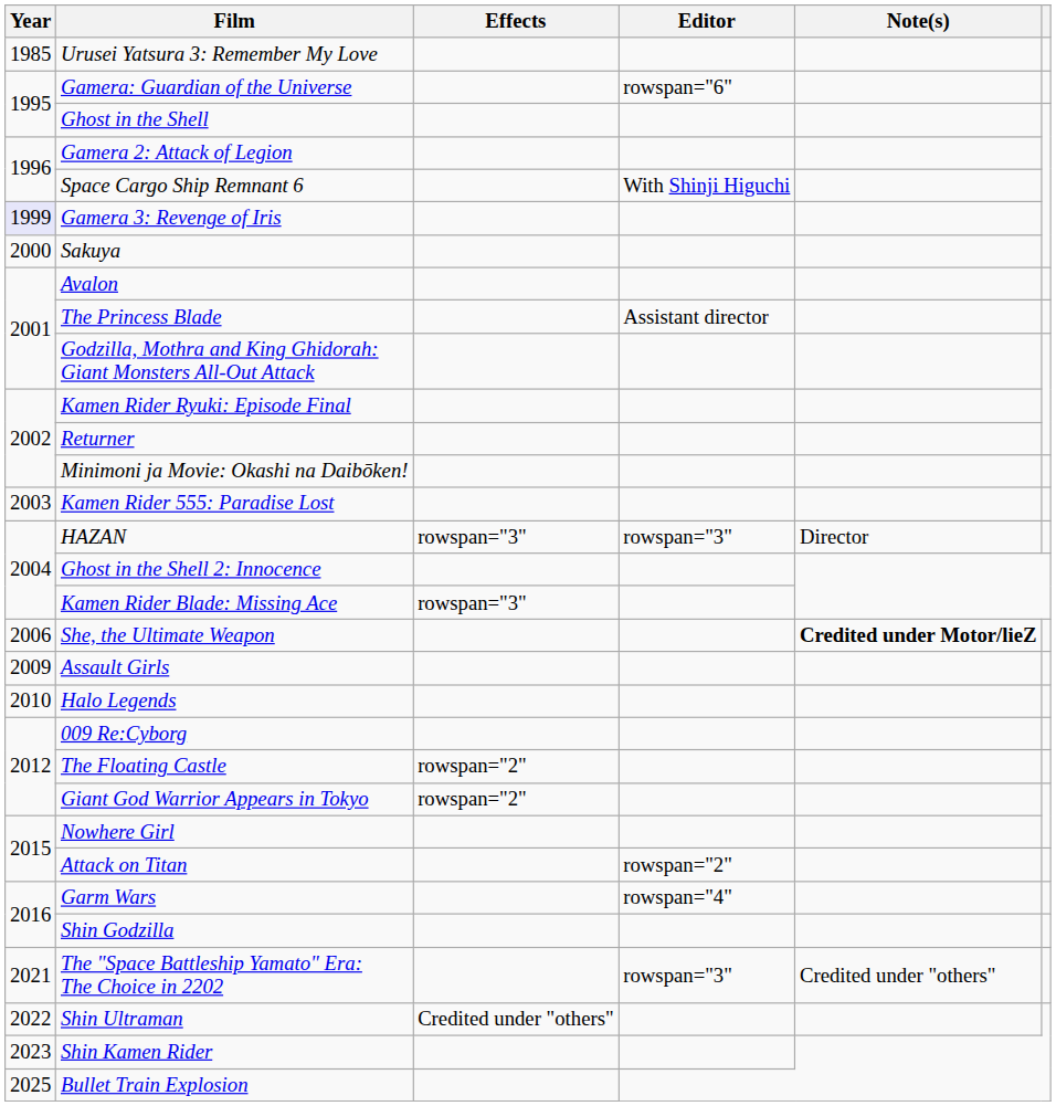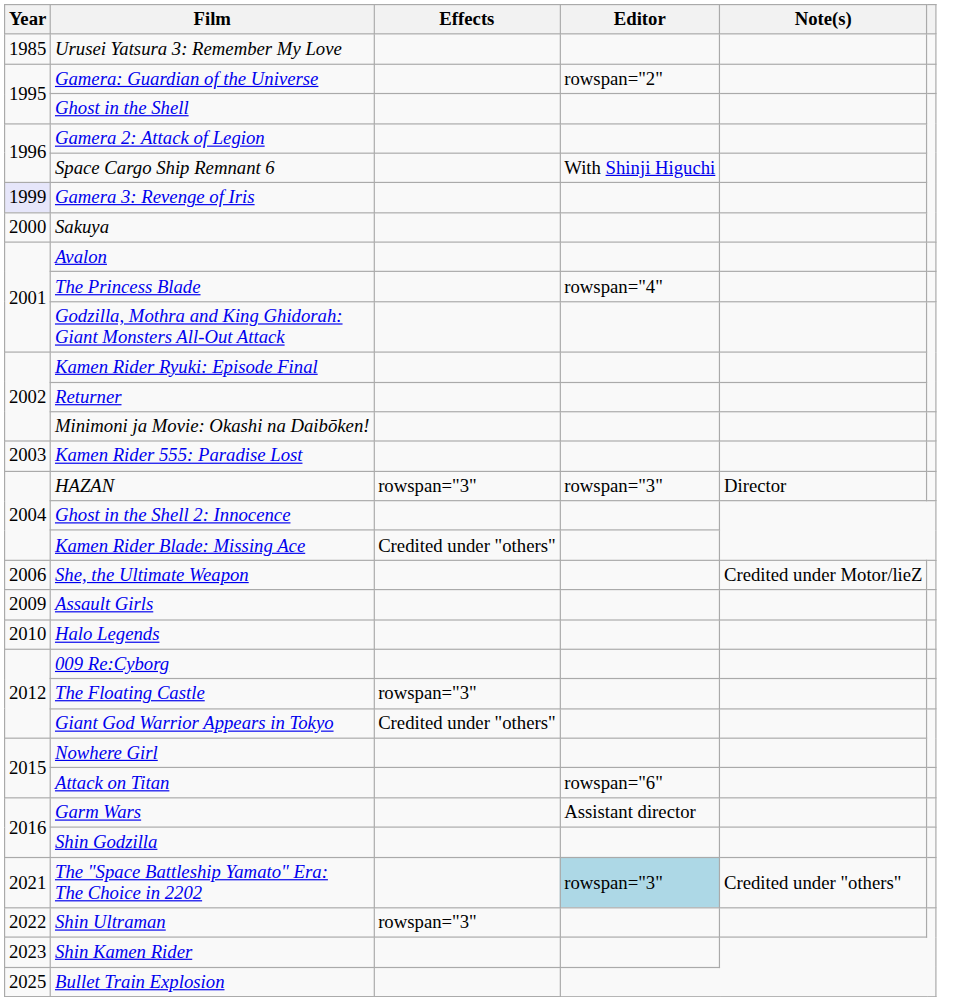 <table class="wikitable">
 <tr>
 <th>Year</th>
 <th>Film</th>
 <th>Effects</th>
 <th>Editor</th>
 <th>Note(s)</th>
 <th></th>
 </tr>
 <tr>
 <td>1985</td>
 <td><em>Urusei Yatsura 3: Remember My Love</em></td>
 <td></td>
 <td></td>
 <td></td>
 <td></td>
 </tr>
 <tr>
 <td rowspan="2">1995</td>
 <td><em><a href='#'>Gamera: Guardian of the Universe</a></em></td>
 <td></td>
-<td>rowspan="6" </td>
+<td>rowspan="2" </td>
 <td></td>
 <td></td>
 </tr>
 <tr>
 <td><em><a href='#'>Ghost in the Shell</a></em></td>
 <td></td>
 <td></td>
 <td></td>
 </tr>
 <tr>
 <td rowspan="2">1996</td>
 <td><em><a href='#'>Gamera 2: Attack of Legion</a></em></td>
 <td></td>
 <td></td>
 <td></td>
 </tr>
 <tr>
 <td><em>Space Cargo Ship Remnant 6</em></td>
 <td></td>
 <td>With <a href='#'>Shinji Higuchi</a></td>
 <td></td>
 </tr>
 <tr>
 <td style="background: lavender;">1999</td>
 <td><em><a href='#'>Gamera 3: Revenge of Iris</a></em></td>
 <td></td>
 <td></td>
 <td></td>
 </tr>
 <tr>
 <td>2000</td>
 <td><em>Sakuya</em></td>
 <td></td>
 <td></td>
 <td></td>
 </tr>
 <tr>
 <td rowspan="3">2001</td>
 <td><em><a href='#'>Avalon</a></em></td>
 <td></td>
 <td></td>
 <td></td>
 <td></td>
 </tr>
 <tr>
 <td><em><a href='#'>The Princess Blade</a></em></td>
 <td></td>
-<td>Assistant director</td>
+<td>rowspan="4" </td>
 <td></td>
 <td></td>
 </tr>
 <tr>
 <td><a href='#'><em>Godzilla, Mothra and King Ghidorah:<br>Giant Monsters All-Out Attack</em></a></td>
 <td></td>
 <td></td>
 <td></td>
 </tr>
 <tr>
 <td rowspan="3">2002</td>
 <td><em><a href='#'>Kamen Rider Ryuki: Episode Final</a></em></td>
 <td></td>
 <td></td>
 <td></td>
 </tr>
 <tr>
 <td><em><a href='#'>Returner</a></em></td>
 <td></td>
 <td></td>
 <td></td>
 </tr>
 <tr>
 <td><em>Minimoni ja Movie: Okashi na Daibōken!</em></td>
 <td></td>
 <td></td>
 <td></td>
 <td></td>
 </tr>
 <tr>
 <td>2003</td>
 <td><em><a href='#'>Kamen Rider 555: Paradise Lost</a></em></td>
 <td></td>
 <td></td>
 <td></td>
 <td></td>
 </tr>
 <tr>
 <td rowspan="3">2004</td>
 <td><em>HAZAN</em></td>
 <td>rowspan="3" </td>
 <td>rowspan="3" </td>
 <td>Director</td>
 <td></td>
 </tr>
 <tr>
 <td><em><a href='#'>Ghost in the Shell 2: Innocence</a></em></td>
 <td></td>
 <td></td>
 </tr>
 <tr>
 <td><em><a href='#'>Kamen Rider Blade: Missing Ace</a></em></td>
-<td>rowspan="3" </td>
+<td>Credited under "others"</td>
 <td></td>
 </tr>
 <tr>
 <td>2006</td>
 <td><em><a href='#'>She, the Ultimate Weapon</a></em></td>
 <td></td>
 <td></td>
-<td><strong>Credited under Motor/lieZ</strong></td>
+<td>Credited under Motor/lieZ</td>
 <td></td>
 </tr>
 <tr>
 <td>2009</td>
 <td><em><a href='#'>Assault Girls</a></em></td>
 <td></td>
 <td></td>
 <td></td>
 <td></td>
 </tr>
 <tr>
 <td>2010</td>
 <td><em><a href='#'>Halo Legends</a></em></td>
 <td></td>
 <td></td>
 <td></td>
 <td></td>
 </tr>
 <tr>
 <td rowspan="3">2012</td>
 <td><em><a href='#'>009 Re:Cyborg</a></em></td>
 <td></td>
 <td></td>
 <td></td>
 <td></td>
 </tr>
 <tr>
 <td><em><a href='#'>The Floating Castle</a></em></td>
-<td>rowspan="2" </td>
+<td>rowspan="3" </td>
 <td></td>
 <td></td>
 <td></td>
 </tr>
 <tr>
 <td><em><a href='#'>Giant God Warrior Appears in Tokyo</a></em></td>
-<td>rowspan="2" </td>
+<td>Credited under "others"</td>
 <td></td>
 <td></td>
 </tr>
 <tr>
 <td rowspan="2">2015</td>
 <td><em><a href='#'>Nowhere Girl</a></em></td>
 <td></td>
 <td></td>
 <td></td>
 </tr>
 <tr>
 <td><em><a href='#'>Attack on Titan</a></em></td>
 <td></td>
-<td>rowspan="2" </td>
+<td>rowspan="6" </td>
 <td></td>
 <td></td>
 </tr>
 <tr>
 <td rowspan="2">2016</td>
 <td><em><a href='#'>Garm Wars</a></em></td>
 <td></td>
-<td>rowspan="4" </td>
+<td>Assistant director</td>
 <td></td>
 </tr>
 <tr>
 <td><em><a href='#'>Shin Godzilla</a></em></td>
 <td></td>
 <td></td>
 <td></td>
 <td></td>
 </tr>
 <tr>
 <td>2021</td>
 <td><em><a href='#'>The "Space Battleship Yamato" Era:<br>The Choice in 2202</a></em></td>
 <td></td>
-<td>rowspan="3" </td>
+<td style="background: lightblue;">rowspan="3" </td>
 <td>Credited under "others"</td>
 <td></td>
 </tr>
 <tr>
 <td>2022</td>
 <td><em><a href='#'>Shin Ultraman</a></em></td>
-<td>Credited under "others"</td>
+<td>rowspan="3" </td>
 <td></td>
 <td></td>
 </tr>
 <tr>
 <td>2023</td>
 <td><em><a href='#'>Shin Kamen Rider</a></em></td>
 <td></td>
 <td></td>
 </tr>
 <tr>
 <td>2025</td>
 <td><em><a href='#'>Bullet Train Explosion</a></em></td>
 <td></td>
 </tr>
 <tr>
 </tr>
 </table>
